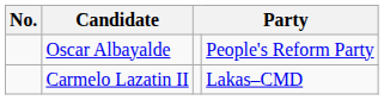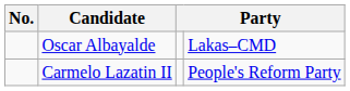 <table class="wikitable sortable" style="text-align:left;">
 <tr>
 <th>No.</th>
 <th>Candidate</th>
 <th colspan="2">Party</th>
 </tr>
 <tr>
 <td></td>
 <td><a href='#'>Oscar Albayalde</a></td>
 <td></td>
-<td><a href='#'>People's Reform Party</a></td>
+<td><a href='#'>Lakas–CMD</a></td>
 </tr>
 <tr>
 <td></td>
 <td><a href='#'>Carmelo Lazatin II</a></td>
 <td></td>
-<td><a href='#'>Lakas–CMD</a></td>
+<td><a href='#'>People's Reform Party</a></td>
 </tr>
 </table>
